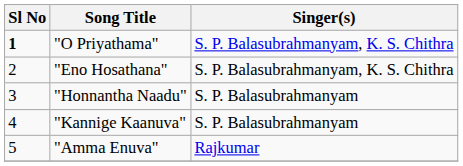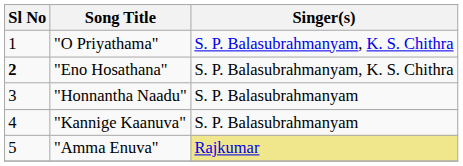 <table class="wikitable">
 <tr>
 <th>Sl No</th>
 <th>Song Title</th>
 <th>Singer(s)</th>
 </tr>
 <tr>
-<td><strong>1</strong></td>
+<td>1</td>
 <td>"O Priyathama"</td>
 <td><a href='#'>S. P. Balasubrahmanyam</a>, <a href='#'>K. S. Chithra</a></td>
 </tr>
 <tr>
-<td>2</td>
+<td><strong>2</strong></td>
 <td>"Eno Hosathana"</td>
 <td>S. P. Balasubrahmanyam, K. S. Chithra</td>
 </tr>
 <tr>
 <td>3</td>
 <td>"Honnantha Naadu"</td>
 <td>S. P. Balasubrahmanyam</td>
 </tr>
 <tr>
 <td>4</td>
 <td>"Kannige Kaanuva"</td>
 <td>S. P. Balasubrahmanyam</td>
 </tr>
 <tr>
 <td>5</td>
 <td>"Amma Enuva"</td>
-<td><a href='#'>Rajkumar</a></td>
+<td style="background: khaki;"><a href='#'>Rajkumar</a></td>
 </tr>
 <tr>
 </tr>
 </table>
